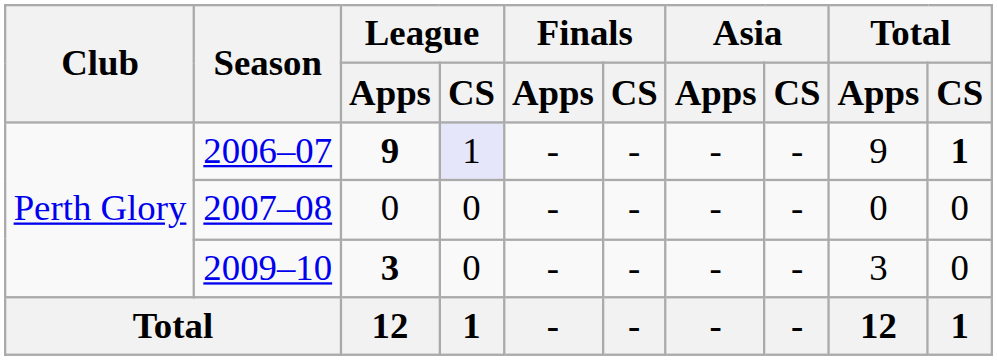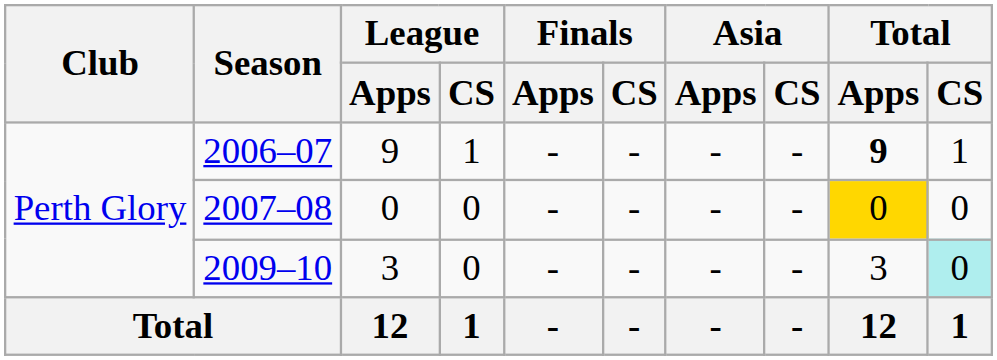 <table class="wikitable" style="text-align: center;">
 <tr>
 <th rowspan="2">Club</th>
 <th rowspan="2">Season</th>
 <th colspan="2">League</th>
 <th colspan="2">Finals</th>
 <th colspan="2">Asia</th>
 <th colspan="2">Total</th>
 </tr>
 <tr>
 <th>Apps</th>
 <th>CS</th>
 <th>Apps</th>
 <th>CS</th>
 <th>Apps</th>
 <th>CS</th>
 <th>Apps</th>
 <th>CS</th>
 </tr>
 <tr>
 <td rowspan="3" valign="center"><a href='#'>Perth Glory</a></td>
 <td><a href='#'>2006–07</a></td>
-<td><strong>9</strong></td>
-<td style="background: lavender;">1</td>
+<td>9</td>
+<td>1</td>
 <td>-</td>
 <td>-</td>
 <td>-</td>
 <td>-</td>
-<td>9</td>
-<td><strong>1</strong></td>
+<td><strong>9</strong></td>
+<td>1</td>
 </tr>
 <tr>
 <td><a href='#'>2007–08</a></td>
 <td>0</td>
 <td>0</td>
 <td>-</td>
 <td>-</td>
 <td>-</td>
 <td>-</td>
-<td>0</td>
+<td style="background: gold;">0</td>
 <td>0</td>
 </tr>
 <tr>
 <td><a href='#'>2009–10</a></td>
-<td><strong>3</strong></td>
+<td>3</td>
 <td>0</td>
 <td>-</td>
 <td>-</td>
 <td>-</td>
 <td>-</td>
 <td>3</td>
-<td>0</td>
+<td style="background: paleturquoise;">0</td>
 </tr>
 <tr>
 <th colspan="2">Total</th>
 <th>12</th>
 <th>1</th>
 <th>-</th>
 <th>-</th>
 <th>-</th>
 <th>-</th>
 <th>12</th>
 <th>1</th>
 </tr>
 </table>
